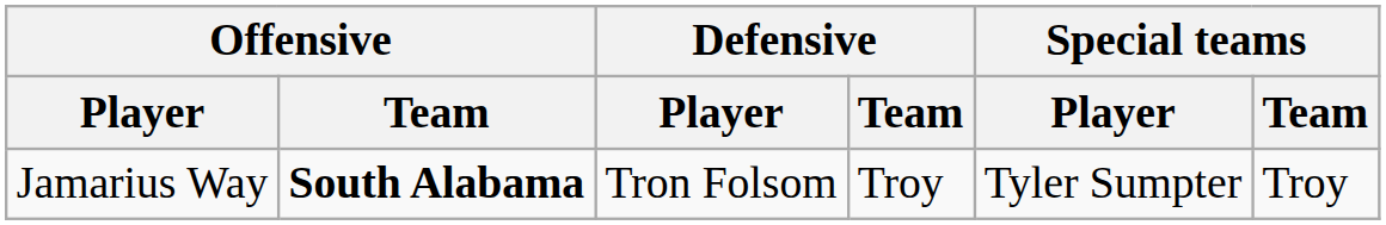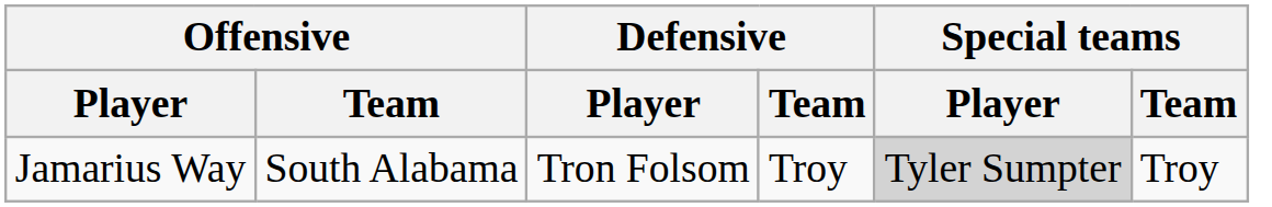 <table class="wikitable">
 <tr>
 <th colspan="2">Offensive</th>
 <th colspan="2">Defensive</th>
 <th colspan="2">Special teams</th>
 </tr>
 <tr>
 <th>Player</th>
 <th>Team</th>
 <th>Player</th>
 <th>Team</th>
 <th>Player</th>
 <th>Team</th>
 </tr>
 <tr>
 <td>Jamarius Way</td>
-<td><strong>South Alabama</strong></td>
+<td>South Alabama</td>
 <td>Tron Folsom</td>
 <td>Troy</td>
-<td>Tyler Sumpter</td>
+<td style="background: lightgrey;">Tyler Sumpter</td>
 <td>Troy</td>
 </tr>
 </table>
